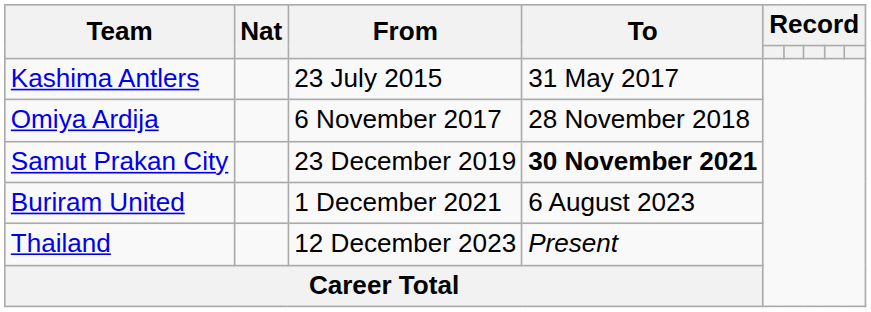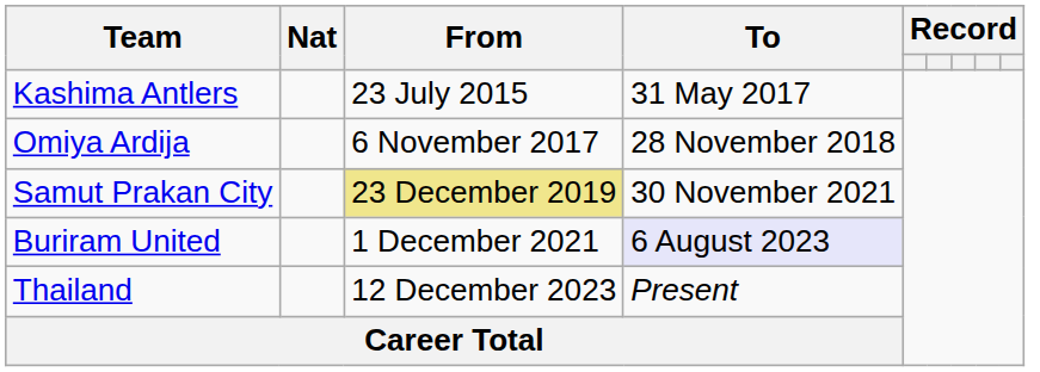 <table class="wikitable" style="text-align: center">
 <tr>
 <th rowspan="2">Team</th>
 <th rowspan="2">Nat</th>
 <th rowspan="2">From</th>
 <th rowspan="2">To</th>
 <th colspan="5">Record</th>
 </tr>
 <tr>
 <th></th>
 <th></th>
 <th></th>
 <th></th>
 <th></th>
 </tr>
 <tr>
 <td align="left"><a href='#'>Kashima Antlers</a></td>
 <td></td>
 <td align="left">23 July 2015</td>
 <td align="left">31 May 2017<br></td>
 </tr>
 <tr>
 <td align="left"><a href='#'>Omiya Ardija</a></td>
 <td></td>
 <td align="left">6 November 2017</td>
 <td align="left">28 November 2018<br></td>
 </tr>
 <tr>
 <td align="left"><a href='#'>Samut Prakan City</a></td>
 <td></td>
-<td align="left">23 December 2019</td>
-<td align="left"><strong>30 November 2021<br></strong></td>
+<td align="left" style="background: khaki;">23 December 2019</td>
+<td align="left">30 November 2021<br></td>
 </tr>
 <tr>
 <td align="left"><a href='#'>Buriram United</a></td>
 <td></td>
 <td align="left">1 December 2021</td>
-<td align="left">6 August 2023<br></td>
+<td align="left" style="background: lavender;">6 August 2023<br></td>
 </tr>
 <tr>
 <td align="left"><a href='#'>Thailand</a></td>
 <td></td>
 <td align="left">12 December 2023</td>
 <td align="left"><em>Present</em><br></td>
 </tr>
 <tr>
 <th colspan="4">Career Total<br></th>
 </tr>
 </table>
